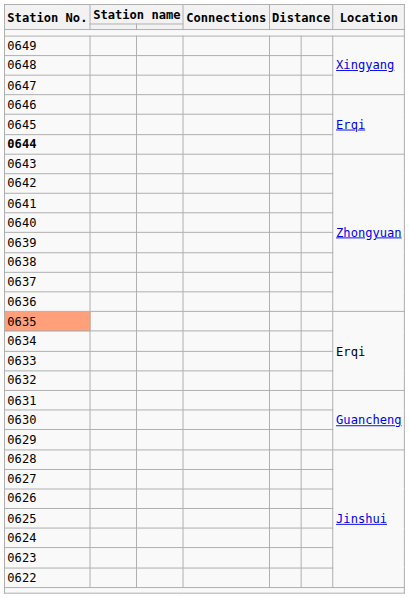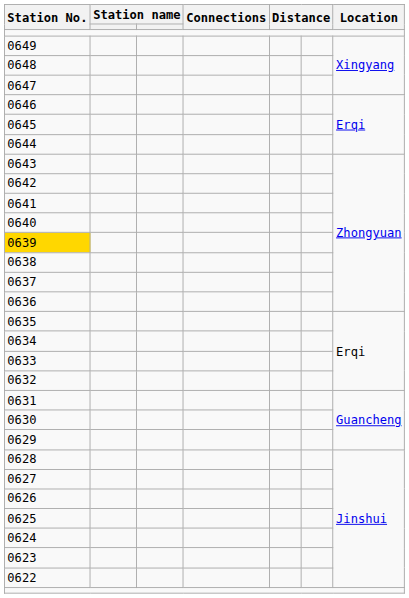 <table class="wikitable">
 <tr>
 <th rowspan="2">Station No.</th>
 <th colspan="2">Station name</th>
 <th rowspan="2">Connections</th>
 <th colspan="2" rowspan="2">Distance<br></th>
 <th rowspan="2">Location</th>
 </tr>
 <tr>
 <th></th>
 <th></th>
 </tr>
 <tr style="background:#">
 <td colspan="7"></td>
 </tr>
 <tr>
 <td>0649</td>
 <td></td>
 <td></td>
 <td></td>
 <td></td>
 <td></td>
 <td rowspan="3"><a href='#'>Xingyang</a></td>
 </tr>
 <tr>
 <td>0648</td>
 <td></td>
 <td></td>
 <td></td>
 <td></td>
 <td></td>
 </tr>
 <tr>
 <td>0647</td>
 <td></td>
 <td></td>
 <td></td>
 <td></td>
 <td></td>
 </tr>
 <tr>
 <td>0646</td>
 <td></td>
 <td></td>
 <td></td>
 <td></td>
 <td></td>
 <td rowspan="3"><a href='#'>Erqi</a></td>
 </tr>
 <tr>
 <td>0645</td>
 <td></td>
 <td></td>
 <td></td>
 <td></td>
 <td></td>
 </tr>
 <tr>
-<td><strong>0644</strong></td>
+<td>0644</td>
 <td></td>
 <td></td>
 <td></td>
 <td></td>
 <td></td>
 </tr>
 <tr>
 <td>0643</td>
 <td></td>
 <td></td>
 <td></td>
 <td></td>
 <td></td>
 <td rowspan="8"><a href='#'>Zhongyuan</a></td>
 </tr>
 <tr>
 <td>0642</td>
 <td></td>
 <td></td>
 <td></td>
 <td></td>
 <td></td>
 </tr>
 <tr>
 <td>0641</td>
 <td></td>
 <td></td>
 <td></td>
 <td></td>
 <td></td>
 </tr>
 <tr>
 <td>0640</td>
 <td></td>
 <td></td>
 <td></td>
 <td></td>
 <td></td>
 </tr>
 <tr>
-<td>0639</td>
+<td style="background: gold;">0639</td>
 <td></td>
 <td></td>
 <td></td>
 <td></td>
 <td></td>
 </tr>
 <tr>
 <td>0638</td>
 <td></td>
 <td></td>
 <td></td>
 <td></td>
 <td></td>
 </tr>
 <tr>
 <td>0637</td>
 <td></td>
 <td></td>
 <td></td>
 <td></td>
 <td></td>
 </tr>
 <tr>
 <td>0636</td>
 <td></td>
 <td></td>
 <td></td>
 <td></td>
 <td></td>
 </tr>
 <tr>
-<td style="background: lightsalmon;">0635</td>
+<td>0635</td>
 <td></td>
 <td></td>
 <td></td>
 <td></td>
 <td></td>
 <td rowspan="4">Erqi</td>
 </tr>
 <tr>
 <td>0634</td>
 <td></td>
 <td></td>
 <td></td>
 <td></td>
 <td></td>
 </tr>
 <tr>
 <td>0633</td>
 <td></td>
 <td></td>
 <td></td>
 <td></td>
 <td></td>
 </tr>
 <tr>
 <td>0632</td>
 <td></td>
 <td></td>
 <td></td>
 <td></td>
 <td></td>
 </tr>
 <tr>
 <td>0631</td>
 <td></td>
 <td></td>
 <td></td>
 <td></td>
 <td></td>
 <td rowspan="3"><a href='#'>Guancheng</a></td>
 </tr>
 <tr>
 <td>0630</td>
 <td></td>
 <td></td>
 <td></td>
 <td></td>
 <td></td>
 </tr>
 <tr>
 <td>0629</td>
 <td></td>
 <td></td>
 <td></td>
 <td></td>
 <td></td>
 </tr>
 <tr>
 <td>0628</td>
 <td></td>
 <td></td>
 <td></td>
 <td></td>
 <td></td>
 <td rowspan="7"><a href='#'>Jinshui</a></td>
 </tr>
 <tr>
 <td>0627</td>
 <td></td>
 <td></td>
 <td></td>
 <td></td>
 <td></td>
 </tr>
 <tr>
 <td>0626</td>
 <td></td>
 <td></td>
 <td></td>
 <td></td>
 <td></td>
 </tr>
 <tr>
 <td>0625</td>
 <td></td>
 <td></td>
 <td></td>
 <td></td>
 <td></td>
 </tr>
 <tr>
 <td>0624</td>
 <td></td>
 <td></td>
 <td></td>
 <td></td>
 <td></td>
 </tr>
 <tr>
 <td>0623</td>
 <td></td>
 <td></td>
 <td></td>
 <td></td>
 <td></td>
 </tr>
 <tr>
 <td>0622</td>
 <td></td>
 <td></td>
 <td></td>
 <td></td>
 <td></td>
 </tr>
 <tr style="background:#">
 <td colspan="7"></td>
 </tr>
 </table>
